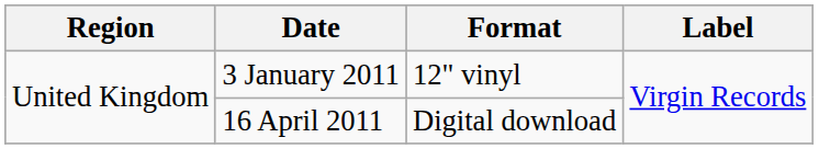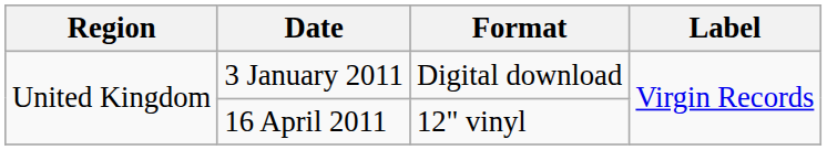 <table class=wikitable>
 <tr>
 <th>Region</th>
 <th>Date</th>
 <th>Format</th>
 <th>Label</th>
 </tr>
 <tr>
 <td rowspan=2>United Kingdom</td>
 <td>3 January 2011</td>
-<td>12" vinyl</td>
+<td>Digital download</td>
 <td rowspan=2><a href='#'>Virgin Records</a></td>
 </tr>
 <tr>
 <td>16 April 2011</td>
-<td>Digital download</td>
+<td>12" vinyl</td>
 </tr>
 </table>
